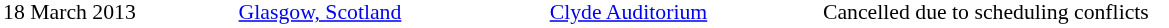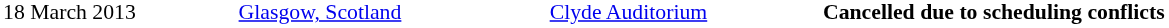 <table cellpadding="2" style="border:0 solid darkgrey; font-size:90%;">
 <tr>
 <th style="width:150px;"></th>
 <th style="width:200px;"></th>
 <th style="width:175px;"></th>
 <th style="width:600px;"></th>
 </tr>
 <tr border="0">
 <td>18 March 2013</td>
 <td><a href='#'>Glasgow, Scotland</a></td>
 <td><a href='#'>Clyde Auditorium</a></td>
-<td>Cancelled due to scheduling conflicts</td>
+<td><strong>Cancelled due to scheduling conflicts</strong></td>
 </tr>
 </table>
